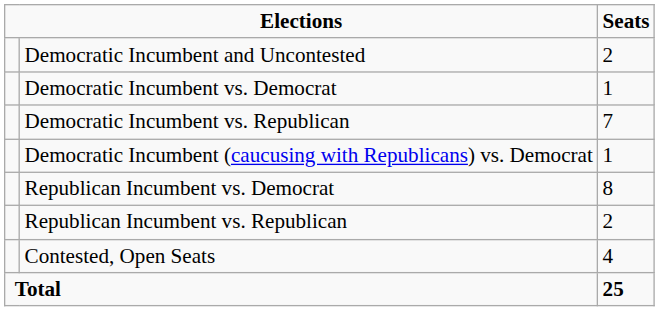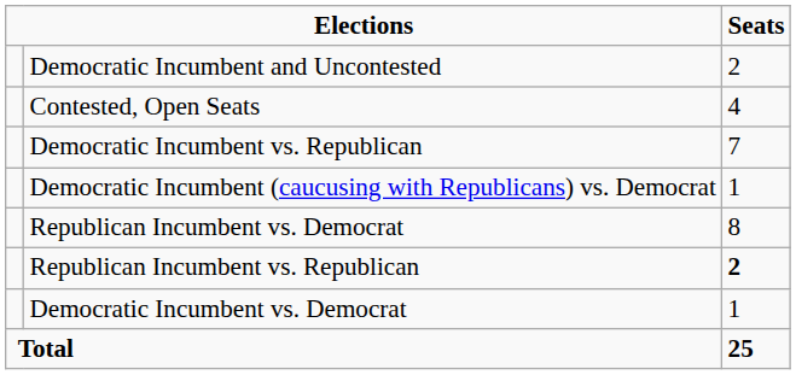 <table class="wikitable">
 <tr>
 <td colspan="2" style="text-align:center;"><strong>Elections</strong></td>
 <td style="vertical-align:top;"><strong>Seats</strong><br></td>
 </tr>
 <tr>
 <td style="background-color:"> </td>
 <td>Democratic Incumbent and Uncontested</td>
 <td>2</td>
 </tr>
 <tr>
 <td style="background-color:"> </td>
-<td>Democratic Incumbent vs. Democrat</td>
-<td>1</td>
+<td>Contested, Open Seats</td>
+<td>4</td>
 </tr>
 <tr>
 <td style="background-color:"> </td>
 <td>Democratic Incumbent vs. Republican</td>
 <td>7</td>
 </tr>
 <tr>
 <td style="background-color:"> </td>
 <td>Democratic Incumbent (<a href='#'>caucusing with Republicans</a>) vs. Democrat</td>
 <td>1</td>
 </tr>
 <tr>
 <td style="background-color:"> </td>
 <td>Republican Incumbent vs. Democrat</td>
 <td>8</td>
 </tr>
 <tr>
 <td style="background-color:"> </td>
 <td>Republican Incumbent vs. Republican</td>
-<td>2</td>
+<td><strong>2</strong></td>
 </tr>
 <tr>
 <td style="background-color:"> </td>
-<td>Contested, Open Seats</td>
-<td>4</td>
+<td>Democratic Incumbent vs. Democrat</td>
+<td>1</td>
 </tr>
 <tr>
 <td colspan="2"> <strong>Total</strong><br></td>
 <td><strong>25</strong></td>
 </tr>
 </table>
